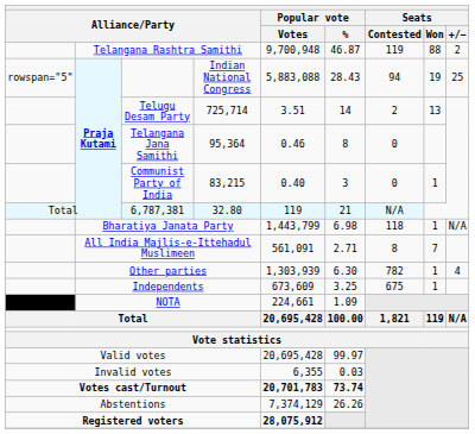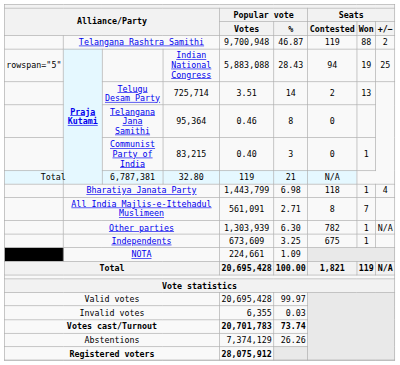 <table class="wikitable sortable" style="text-align:center;">
 <tr>
 <th colspan="9"></th>
 </tr>
 <tr>
 <th colspan="4" rowspan="2">Alliance/Party</th>
 <th colspan="2">Popular vote</th>
 <th colspan="3">Seats</th>
 </tr>
 <tr>
 <th>Votes</th>
 <th>%</th>
 <th>Contested</th>
 <th>Won</th>
 <th><strong>+/−</strong></th>
 </tr>
 <tr>
 <td></td>
 <td colspan="3"><a href='#'>Telangana Rashtra Samithi</a></td>
 <td>9,700,948</td>
 <td>46.87</td>
 <td>119</td>
 <td>88</td>
 <td> 2</td>
 </tr>
 <tr>
 <td>rowspan="5" </td>
 <th rowspan="5" style="background:#E5F8FF"><a href='#'>Praja Kutami</a></th>
 <td></td>
 <td><a href='#'>Indian National Congress</a></td>
 <td>5,883,088</td>
 <td>28.43</td>
 <td>94</td>
 <td>19</td>
 <td> 25</td>
 </tr>
 <tr>
 <td></td>
 <td><a href='#'>Telugu Desam Party</a></td>
 <td>725,714</td>
 <td>3.51</td>
 <td>14</td>
 <td>2</td>
 <td> 13</td>
 </tr>
 <tr>
 <td></td>
 <td><a href='#'>Telangana Jana Samithi</a></td>
 <td>95,364</td>
 <td>0.46</td>
 <td>8</td>
 <td>0</td>
 <td></td>
 </tr>
 <tr>
 <td></td>
 <td><a href='#'>Communist Party of India</a></td>
 <td>83,215</td>
 <td>0.40</td>
 <td>3</td>
 <td>0</td>
 <td> 1</td>
 </tr>
 <tr>
 <td colspan="2" style="background:#E5F8FF">Total</td>
 <td style="background:#E5F8FF">6,787,381</td>
 <td style="background:#E5F8FF">32.80</td>
 <td style="background:#E5F8FF">119</td>
 <td style="background:#E5F8FF">21</td>
 <td style="background:#E5F8FF">N/A</td>
 </tr>
 <tr>
 <td></td>
 <td colspan="3"><a href='#'>Bharatiya Janata Party</a></td>
 <td>1,443,799</td>
 <td>6.98</td>
 <td>118</td>
 <td>1</td>
-<td>N/A</td>
+<td> 4</td>
 </tr>
 <tr>
 <td></td>
 <td colspan="3"><a href='#'>All India Majlis-e-Ittehadul Muslimeen</a></td>
 <td>561,091</td>
 <td>2.71</td>
 <td>8</td>
 <td>7</td>
 <td></td>
 </tr>
 <tr>
 <td></td>
 <td colspan="3"><a href='#'>Other parties</a></td>
 <td>1,303,939</td>
 <td>6.30</td>
 <td>782</td>
 <td>1</td>
-<td> 4</td>
+<td>N/A</td>
 </tr>
 <tr>
 <td></td>
 <td colspan="3"><a href='#'>Independents</a></td>
 <td>673,609</td>
 <td>3.25</td>
 <td>675</td>
 <td>1</td>
 <td></td>
 </tr>
 <tr>
 <td bgcolor="black"></td>
 <td colspan="3"><a href='#'>NOTA</a></td>
 <td>224,661</td>
 <td>1.09</td>
 <th colspan="3" style="background-color:#E9E9E9"></th>
 </tr>
 <tr>
 <th colspan="4">Total</th>
 <th>20,695,428</th>
 <th>100.00</th>
 <th>1,821</th>
 <th>119</th>
 <th>N/A</th>
 </tr>
 <tr>
 <td colspan="10"></td>
 </tr>
 <tr>
 <th colspan="10">Vote statistics</th>
 </tr>
 <tr>
 <td colspan="4">Valid votes</td>
 <td align="right">20,695,428</td>
 <td align="right">99.97</td>
 <th colspan="4" rowspan="5" style="background-color:#E9E9E9"></th>
 </tr>
 <tr>
 <td colspan="4">Invalid votes</td>
 <td align="right">6,355</td>
 <td align="right">0.03</td>
 </tr>
 <tr>
 <td colspan="4"><strong>Votes cast/Turnout</strong></td>
 <td align="right"><strong>20,701,783</strong></td>
 <td align="right"><strong>73.74</strong></td>
 </tr>
 <tr>
 <td colspan="4">Abstentions</td>
 <td align="right">7,374,129</td>
 <td align="right">26.26</td>
 </tr>
 <tr>
 <td colspan="4"><strong>Registered voters</strong></td>
 <td align="right"><strong>28,075,912</strong></td>
 <td style="background-color:#E9E9E9"></td>
 </tr>
 <tr>
 </tr>
 </table>
